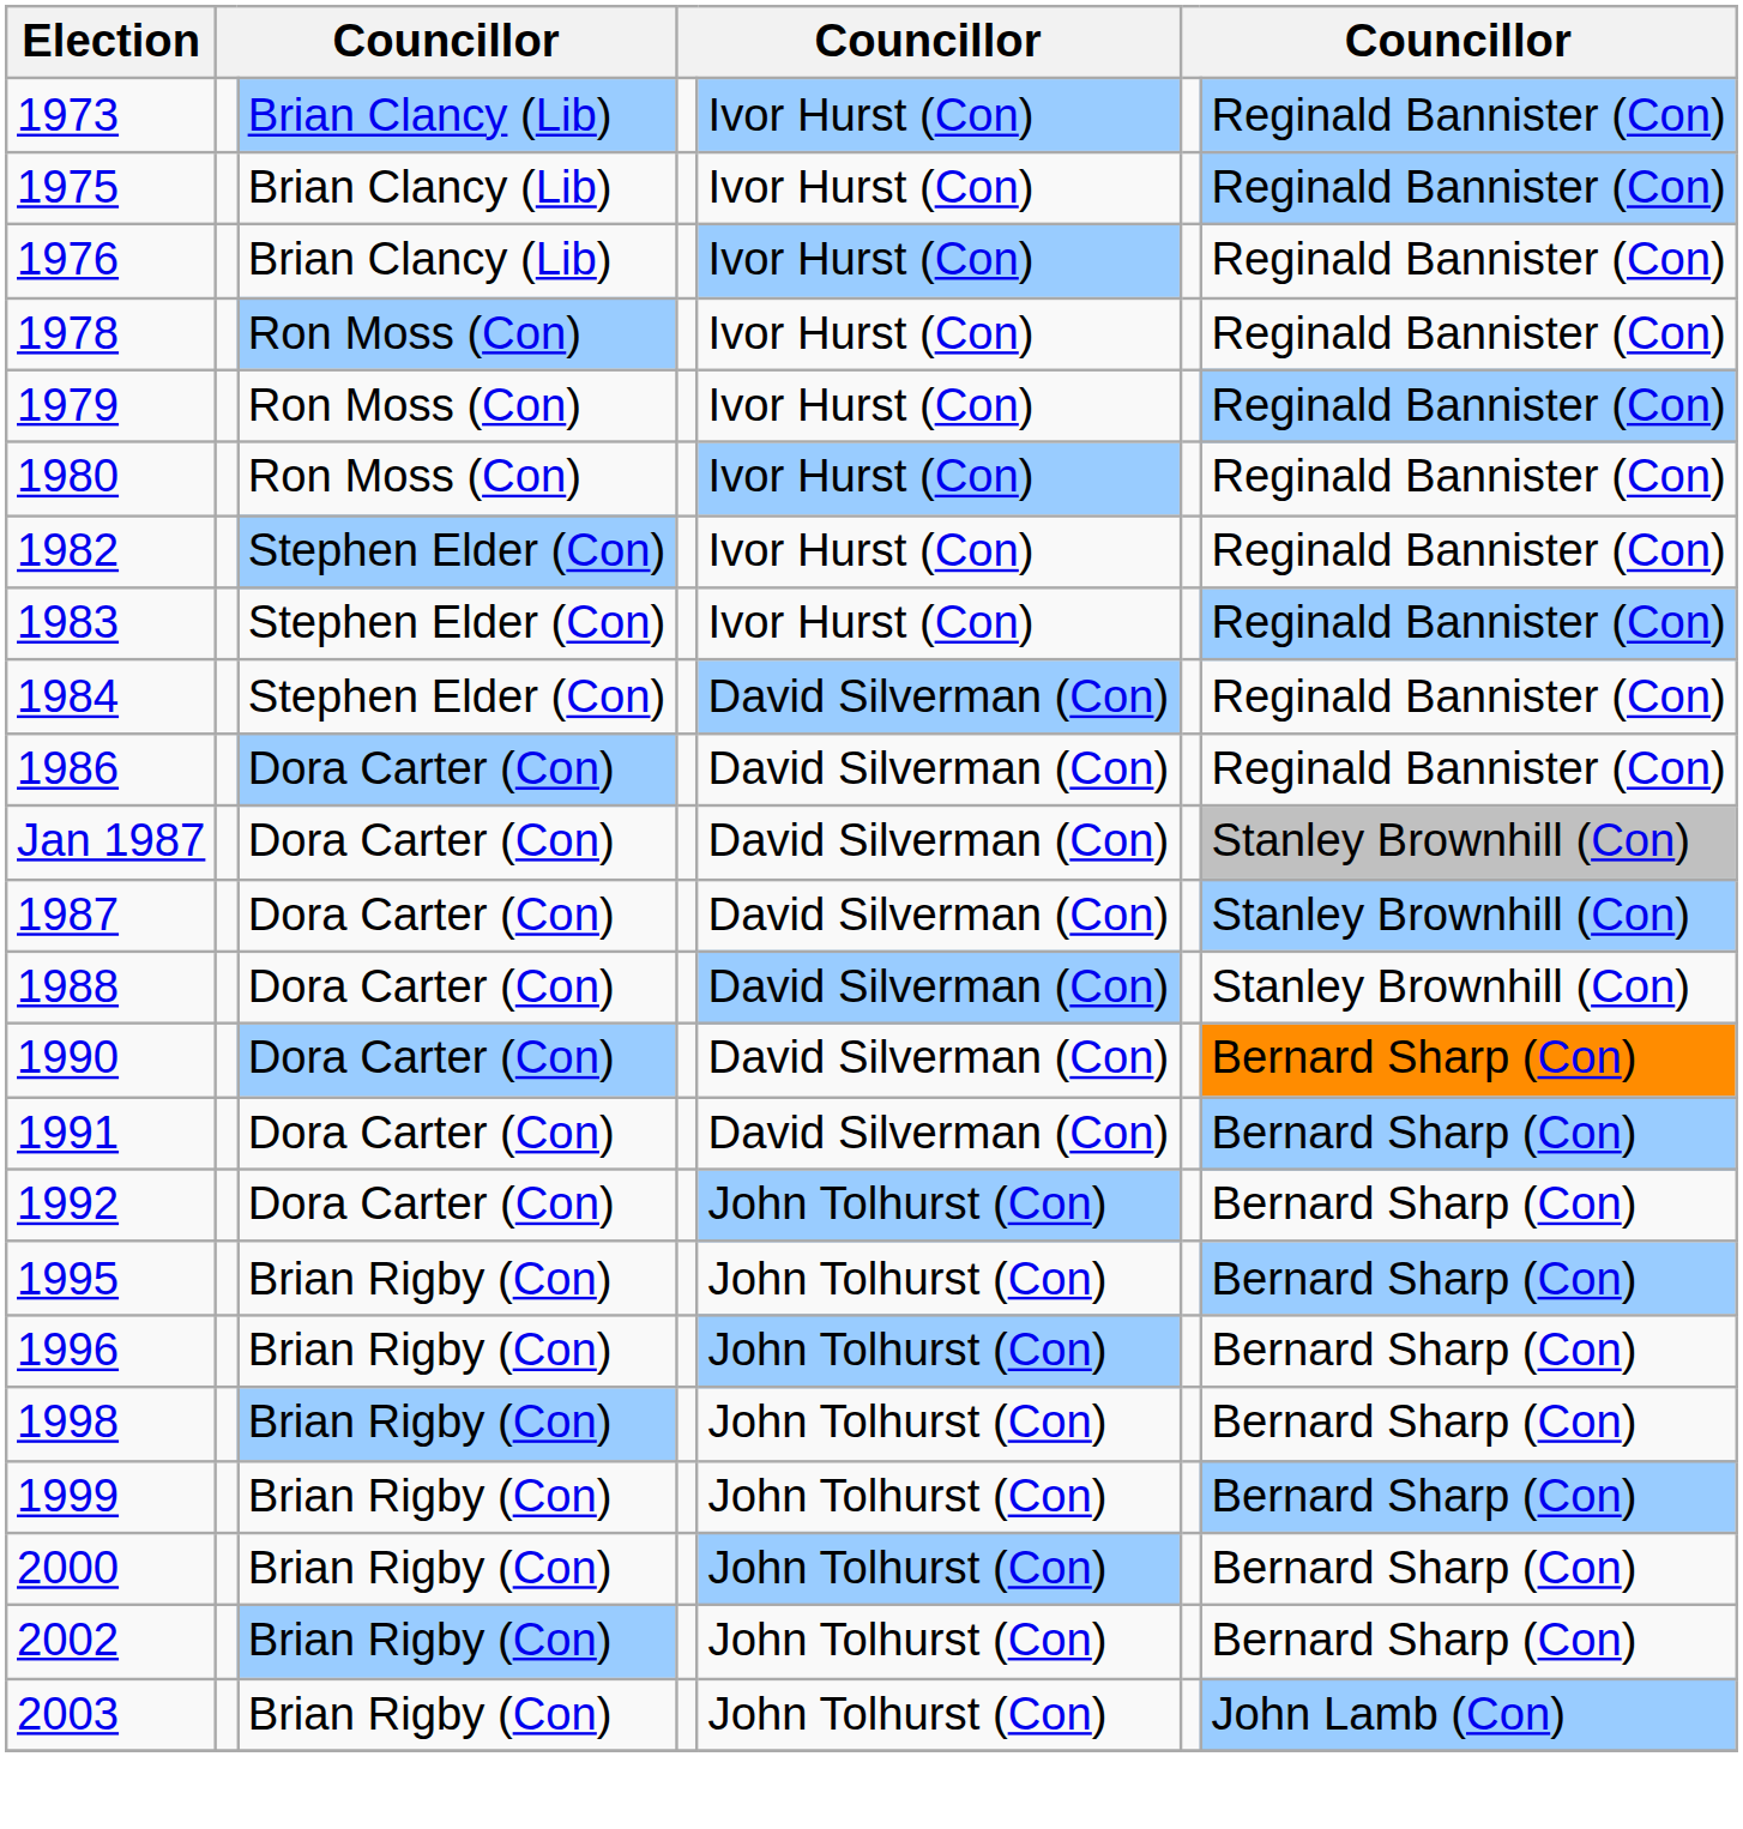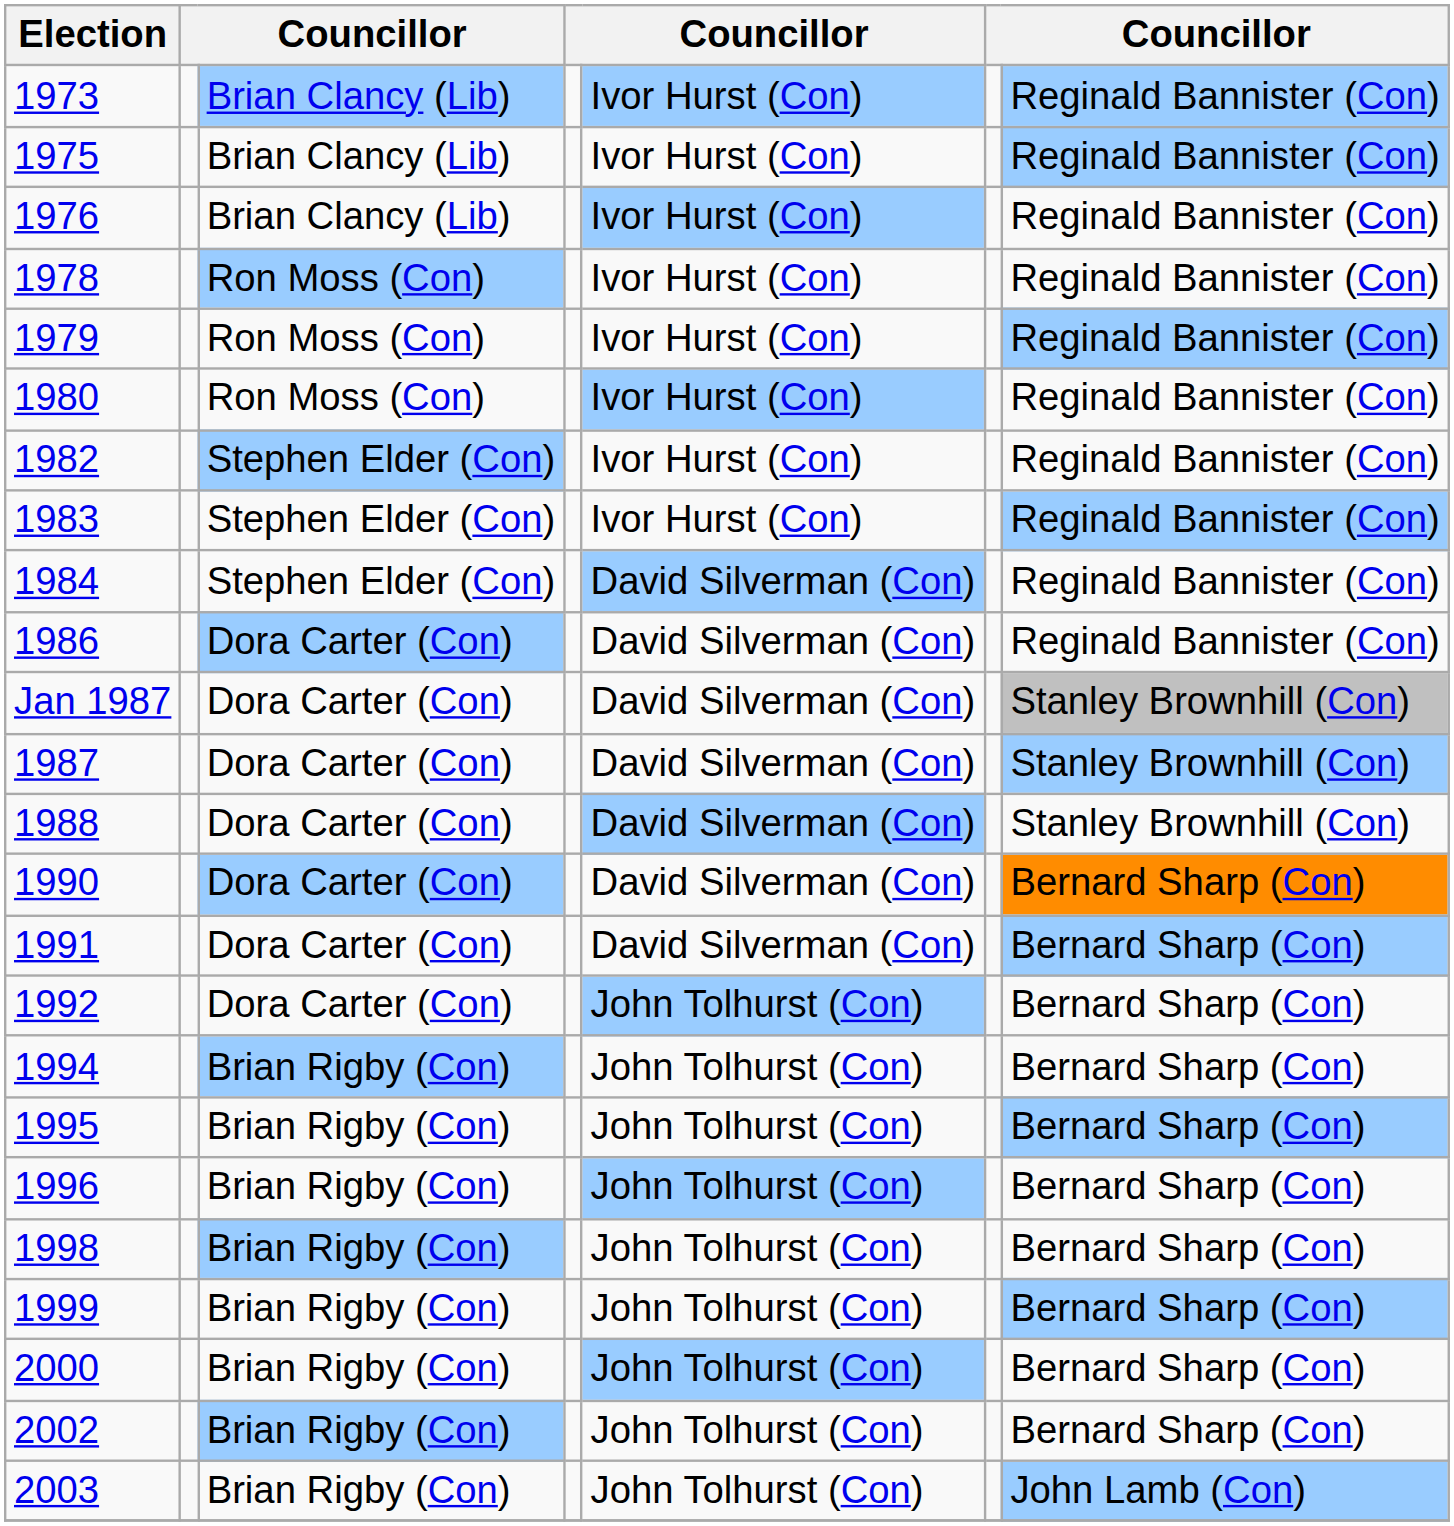 <table class="wikitable">
 <tr>
 <th>Election</th>
 <th colspan="2">Councillor</th>
 <th colspan="2">Councillor</th>
 <th colspan="2">Councillor</th>
 </tr>
 <tr>
 <td><a href='#'>1973</a></td>
 <td style="background-color: "></td>
 <td bgcolor="#99CCFF"><a href='#'>Brian Clancy</a> (<a href='#'>Lib</a>)</td>
 <td style="background-color: "></td>
 <td bgcolor="#99CCFF">Ivor Hurst (<a href='#'>Con</a>)</td>
 <td style="background-color: "></td>
 <td bgcolor="#99CCFF">Reginald Bannister (<a href='#'>Con</a>)</td>
 </tr>
 <tr>
 <td><a href='#'>1975</a></td>
 <td style="background-color: "></td>
 <td>Brian Clancy (<a href='#'>Lib</a>)</td>
 <td style="background-color: "></td>
 <td>Ivor Hurst (<a href='#'>Con</a>)</td>
 <td style="background-color: "></td>
 <td bgcolor="#99CCFF">Reginald Bannister (<a href='#'>Con</a>)</td>
 </tr>
 <tr>
 <td><a href='#'>1976</a></td>
 <td style="background-color: "></td>
 <td>Brian Clancy (<a href='#'>Lib</a>)</td>
 <td style="background-color: "></td>
 <td bgcolor="#99CCFF">Ivor Hurst (<a href='#'>Con</a>)</td>
 <td style="background-color: "></td>
 <td>Reginald Bannister (<a href='#'>Con</a>)</td>
 </tr>
 <tr>
 <td><a href='#'>1978</a></td>
 <td style="background-color: "></td>
 <td bgcolor="#99CCFF">Ron Moss (<a href='#'>Con</a>)</td>
 <td style="background-color: "></td>
 <td>Ivor Hurst (<a href='#'>Con</a>)</td>
 <td style="background-color: "></td>
 <td>Reginald Bannister (<a href='#'>Con</a>)</td>
 </tr>
 <tr>
 <td><a href='#'>1979</a></td>
 <td style="background-color: "></td>
 <td>Ron Moss (<a href='#'>Con</a>)</td>
 <td style="background-color: "></td>
 <td>Ivor Hurst (<a href='#'>Con</a>)</td>
 <td style="background-color: "></td>
 <td bgcolor="#99CCFF">Reginald Bannister (<a href='#'>Con</a>)</td>
 </tr>
 <tr>
 <td><a href='#'>1980</a></td>
 <td style="background-color: "></td>
 <td>Ron Moss (<a href='#'>Con</a>)</td>
 <td style="background-color: "></td>
 <td bgcolor="#99CCFF">Ivor Hurst (<a href='#'>Con</a>)</td>
 <td style="background-color: "></td>
 <td>Reginald Bannister (<a href='#'>Con</a>)</td>
 </tr>
 <tr>
 <td><a href='#'>1982</a></td>
 <td style="background-color: "></td>
 <td bgcolor="#99CCFF">Stephen Elder (<a href='#'>Con</a>)</td>
 <td style="background-color: "></td>
 <td>Ivor Hurst (<a href='#'>Con</a>)</td>
 <td style="background-color: "></td>
 <td>Reginald Bannister (<a href='#'>Con</a>)</td>
 </tr>
 <tr>
 <td><a href='#'>1983</a></td>
 <td style="background-color: "></td>
 <td>Stephen Elder (<a href='#'>Con</a>)</td>
 <td style="background-color: "></td>
 <td>Ivor Hurst (<a href='#'>Con</a>)</td>
 <td style="background-color: "></td>
 <td bgcolor="#99CCFF">Reginald Bannister (<a href='#'>Con</a>)</td>
 </tr>
 <tr>
 <td><a href='#'>1984</a></td>
 <td style="background-color: "></td>
 <td>Stephen Elder (<a href='#'>Con</a>)</td>
 <td style="background-color: "></td>
 <td bgcolor="#99CCFF">David Silverman (<a href='#'>Con</a>)</td>
 <td style="background-color: "></td>
 <td>Reginald Bannister (<a href='#'>Con</a>)</td>
 </tr>
 <tr>
 <td><a href='#'>1986</a></td>
 <td style="background-color: "></td>
 <td bgcolor="#99CCFF">Dora Carter (<a href='#'>Con</a>)</td>
 <td style="background-color: "></td>
 <td>David Silverman (<a href='#'>Con</a>)</td>
 <td style="background-color: "></td>
 <td>Reginald Bannister (<a href='#'>Con</a>)</td>
 </tr>
 <tr>
 <td><a href='#'>Jan 1987</a></td>
 <td style="background-color: "></td>
 <td>Dora Carter (<a href='#'>Con</a>)</td>
 <td style="background-color: "></td>
 <td>David Silverman (<a href='#'>Con</a>)</td>
 <td style="background-color: "></td>
 <td bgcolor="#C0C0C0">Stanley Brownhill (<a href='#'>Con</a>)</td>
 </tr>
 <tr>
 <td><a href='#'>1987</a></td>
 <td style="background-color: "></td>
 <td>Dora Carter (<a href='#'>Con</a>)</td>
 <td style="background-color: "></td>
 <td>David Silverman (<a href='#'>Con</a>)</td>
 <td style="background-color: "></td>
 <td bgcolor="#99CCFF">Stanley Brownhill (<a href='#'>Con</a>)</td>
 </tr>
 <tr>
 <td><a href='#'>1988</a></td>
 <td style="background-color: "></td>
 <td>Dora Carter (<a href='#'>Con</a>)</td>
 <td style="background-color: "></td>
 <td bgcolor="#99CCFF">David Silverman (<a href='#'>Con</a>)</td>
 <td style="background-color: "></td>
 <td>Stanley Brownhill (<a href='#'>Con</a>)</td>
 </tr>
 <tr>
 <td><a href='#'>1990</a></td>
 <td style="background-color: "></td>
 <td bgcolor="#99CCFF">Dora Carter (<a href='#'>Con</a>)</td>
 <td style="background-color: "></td>
 <td>David Silverman (<a href='#'>Con</a>)</td>
 <td style="background-color: "></td>
 <td bgcolor="#FF8C00">Bernard Sharp (<a href='#'>Con</a>)</td>
 </tr>
 <tr>
 <td><a href='#'>1991</a></td>
 <td style="background-color: "></td>
 <td>Dora Carter (<a href='#'>Con</a>)</td>
 <td style="background-color: "></td>
 <td>David Silverman (<a href='#'>Con</a>)</td>
 <td style="background-color: "></td>
 <td bgcolor="#99CCFF">Bernard Sharp (<a href='#'>Con</a>)</td>
 </tr>
 <tr>
 <td><a href='#'>1992</a></td>
 <td style="background-color: "></td>
 <td>Dora Carter (<a href='#'>Con</a>)</td>
 <td style="background-color: "></td>
 <td bgcolor="#99CCFF">John Tolhurst (<a href='#'>Con</a>)</td>
 <td style="background-color: "></td>
 <td>Bernard Sharp (<a href='#'>Con</a>)</td>
 </tr>
 <tr>
+<td><a href='#'>1994</a></td>
+<td style="background-color: "></td>
+<td bgcolor="#99CCFF">Brian Rigby (<a href='#'>Con</a>)</td>
+<td style="background-color: "></td>
+<td>John Tolhurst (<a href='#'>Con</a>)</td>
+<td style="background-color: "></td>
+<td>Bernard Sharp (<a href='#'>Con</a>)</td>
+</tr>
+<tr>
 <td><a href='#'>1995</a></td>
 <td style="background-color: "></td>
 <td>Brian Rigby (<a href='#'>Con</a>)</td>
 <td style="background-color: "></td>
 <td>John Tolhurst (<a href='#'>Con</a>)</td>
 <td style="background-color: "></td>
 <td bgcolor="#99CCFF">Bernard Sharp (<a href='#'>Con</a>)</td>
 </tr>
 <tr>
 <td><a href='#'>1996</a></td>
 <td style="background-color: "></td>
 <td>Brian Rigby (<a href='#'>Con</a>)</td>
 <td style="background-color: "></td>
 <td bgcolor="#99CCFF">John Tolhurst (<a href='#'>Con</a>)</td>
 <td style="background-color: "></td>
 <td>Bernard Sharp (<a href='#'>Con</a>)</td>
 </tr>
 <tr>
 <td><a href='#'>1998</a></td>
 <td style="background-color: "></td>
 <td bgcolor="#99CCFF">Brian Rigby (<a href='#'>Con</a>)</td>
 <td style="background-color: "></td>
 <td>John Tolhurst (<a href='#'>Con</a>)</td>
 <td style="background-color: "></td>
 <td>Bernard Sharp (<a href='#'>Con</a>)</td>
 </tr>
 <tr>
 <td><a href='#'>1999</a></td>
 <td style="background-color: "></td>
 <td>Brian Rigby (<a href='#'>Con</a>)</td>
 <td style="background-color: "></td>
 <td>John Tolhurst (<a href='#'>Con</a>)</td>
 <td style="background-color: "></td>
 <td bgcolor="#99CCFF">Bernard Sharp (<a href='#'>Con</a>)</td>
 </tr>
 <tr>
 <td><a href='#'>2000</a></td>
 <td style="background-color: "></td>
 <td>Brian Rigby (<a href='#'>Con</a>)</td>
 <td style="background-color: "></td>
 <td bgcolor="#99CCFF">John Tolhurst (<a href='#'>Con</a>)</td>
 <td style="background-color: "></td>
 <td>Bernard Sharp (<a href='#'>Con</a>)</td>
 </tr>
 <tr>
 <td><a href='#'>2002</a></td>
 <td style="background-color: "></td>
 <td bgcolor="#99CCFF">Brian Rigby (<a href='#'>Con</a>)</td>
 <td style="background-color: "></td>
 <td>John Tolhurst (<a href='#'>Con</a>)</td>
 <td style="background-color: "></td>
 <td>Bernard Sharp (<a href='#'>Con</a>)</td>
 </tr>
 <tr>
 <td><a href='#'>2003</a></td>
 <td style="background-color: "></td>
 <td>Brian Rigby (<a href='#'>Con</a>)</td>
 <td style="background-color: "></td>
 <td>John Tolhurst (<a href='#'>Con</a>)</td>
 <td style="background-color: "></td>
 <td bgcolor="#99CCFF">John Lamb (<a href='#'>Con</a>)</td>
 </tr>
 <tr>
 </tr>
 </table>
